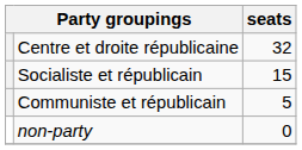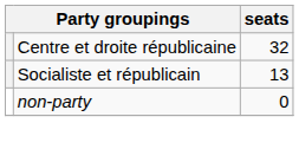 <table class="wikitable" style="font-size: 95%;">
 <tr>
 <th colspan=2>Party groupings</th>
 <th>seats</th>
 </tr>
 <tr>
 <th style="background-color: "></th>
 <td>Centre et droite républicaine</td>
 <td align="right">32</td>
 </tr>
 <tr>
 <th style="background-color: "></th>
 <td>Socialiste et républicain</td>
-<td align="right">15</td>
-</tr>
-<tr>
-<th style="background-color: "></th>
-<td>Communiste et républicain</td>
-<td align="right">5</td>
+<td align="right">13</td>
 </tr>
 <tr>
 <th style="background-color: white"></th>
 <td><em>non-party</em></td>
 <td align="right">0</td>
 </tr>
 <tr>
 </tr>
 </table>
